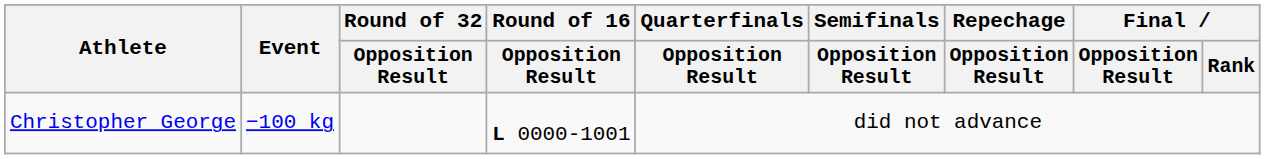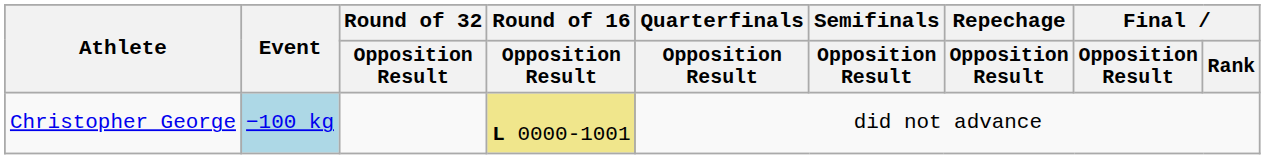 <table class="wikitable" style="font-size:90%;">
 <tr>
 <th rowspan=2>Athlete</th>
 <th rowspan=2>Event</th>
 <th>Round of 32</th>
 <th>Round of 16</th>
 <th>Quarterfinals</th>
 <th>Semifinals</th>
 <th>Repechage</th>
 <th colspan=2>Final / </th>
 </tr>
 <tr style="font-size:95%">
 <th>Opposition<br>Result</th>
 <th>Opposition<br>Result</th>
 <th>Opposition<br>Result</th>
 <th>Opposition<br>Result</th>
 <th>Opposition<br>Result</th>
 <th>Opposition<br>Result</th>
 <th>Rank</th>
 </tr>
 <tr align=center>
 <td align=left><a href='#'>Christopher George</a></td>
-<td align=left><a href='#'>−100 kg</a></td>
+<td align=left style="background: lightblue;"><a href='#'>−100 kg</a></td>
 <td></td>
-<td><br><strong>L</strong> 0000-1001</td>
+<td style="background: khaki;"><br><strong>L</strong> 0000-1001</td>
 <td colspan=6>did not advance</td>
 </tr>
 </table>
